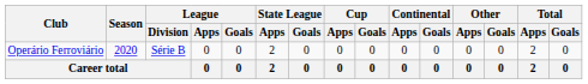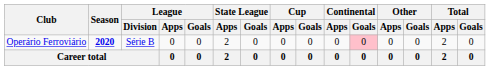 <table class="wikitable" style="text-align: center">
 <tr>
 <th rowspan="2">Club</th>
 <th rowspan="2">Season</th>
 <th colspan="3">League</th>
 <th colspan="2">State League</th>
 <th colspan="2">Cup</th>
 <th colspan="2">Continental</th>
 <th colspan="2">Other</th>
 <th colspan="2">Total</th>
 </tr>
 <tr>
 <th>Division</th>
 <th>Apps</th>
 <th>Goals</th>
 <th>Apps</th>
 <th>Goals</th>
 <th>Apps</th>
 <th>Goals</th>
 <th>Apps</th>
 <th>Goals</th>
 <th>Apps</th>
 <th>Goals</th>
 <th>Apps</th>
 <th>Goals</th>
 </tr>
 <tr>
 <td><a href='#'>Operário Ferroviário</a></td>
-<td><a href='#'>2020</a></td>
+<td><strong><a href='#'>2020</a></strong></td>
 <td><a href='#'>Série B</a></td>
 <td>0</td>
 <td>0</td>
 <td>2</td>
 <td>0</td>
 <td>0</td>
 <td>0</td>
 <td>0</td>
-<td>0</td>
+<td style="background: pink;">0</td>
 <td>0</td>
 <td>0</td>
 <td>2</td>
 <td>0</td>
 </tr>
 <tr>
 <th colspan="3"><strong>Career total</strong></th>
 <th>0</th>
 <th>0</th>
 <th>2</th>
 <th>0</th>
 <th>0</th>
 <th>0</th>
 <th>0</th>
 <th>0</th>
 <th>0</th>
 <th>0</th>
 <th>2</th>
 <th>0</th>
 </tr>
 </table>
